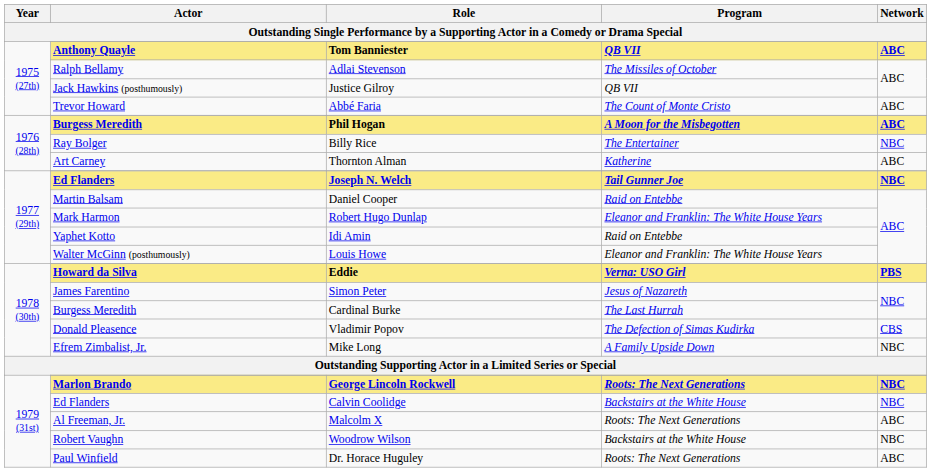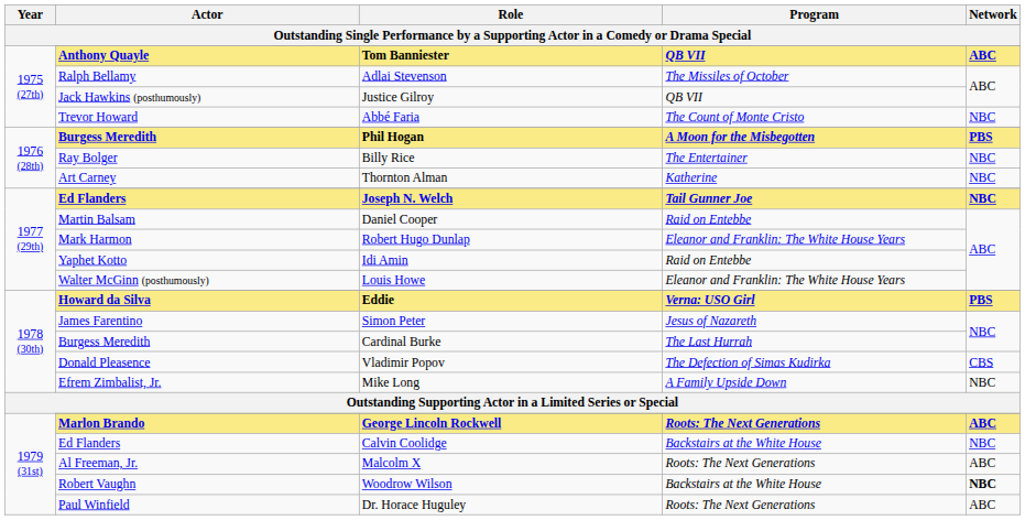 <table class="wikitable" style="width:100%">
 <tr bgcolor="#bebebe">
 <th width="5%">Year</th>
 <th width="30%">Actor</th>
 <th width="30%">Role</th>
 <th width="30%">Program</th>
 <th width="5%">Network</th>
 </tr>
 <tr>
 <th colspan=5>Outstanding Single Performance by a Supporting Actor in a Comedy or Drama Special</th>
 </tr>
 <tr>
 <td rowspan=5 style="text-align:center"><a href='#'>1975</a><br><small><a href='#'>(27th)</a></small></td>
 </tr>
 <tr style="background:#FAEB86;">
 <td><strong><a href='#'>Anthony Quayle</a></strong></td>
 <td><strong>Tom Banniester</strong></td>
 <td><strong><em><a href='#'>QB VII</a></em></strong></td>
 <td><strong><a href='#'>ABC</a></strong></td>
 </tr>
 <tr>
 <td><a href='#'>Ralph Bellamy</a></td>
 <td><a href='#'>Adlai Stevenson</a></td>
 <td><em><a href='#'>The Missiles of October</a></em></td>
 <td rowspan=2>ABC</td>
 </tr>
 <tr>
 <td><a href='#'>Jack Hawkins</a> <small>(posthumously)</small></td>
 <td>Justice Gilroy</td>
 <td><em>QB VII</em></td>
 </tr>
 <tr>
 <td><a href='#'>Trevor Howard</a></td>
 <td><a href='#'>Abbé Faria</a></td>
 <td><em><a href='#'>The Count of Monte Cristo</a></em></td>
-<td>ABC</td>
+<td><a href='#'>NBC</a></td>
 </tr>
 <tr>
 <td rowspan=4 style="text-align:center"><a href='#'>1976</a><br><small><a href='#'>(28th)</a></small></td>
 </tr>
 <tr style="background:#FAEB86;">
 <td><strong><a href='#'>Burgess Meredith</a></strong></td>
 <td><strong>Phil Hogan</strong></td>
 <td><strong><em><a href='#'>A Moon for the Misbegotten</a></em></strong></td>
-<td><strong><a href='#'>ABC</a></strong></td>
+<td><strong><a href='#'>PBS</a></strong></td>
 </tr>
 <tr>
 <td><a href='#'>Ray Bolger</a></td>
 <td>Billy Rice</td>
 <td><em><a href='#'>The Entertainer</a></em></td>
 <td><a href='#'>NBC</a></td>
 </tr>
 <tr>
 <td><a href='#'>Art Carney</a></td>
 <td>Thornton Alman</td>
 <td><em><a href='#'>Katherine</a></em></td>
-<td>ABC</td>
+<td><a href='#'>NBC</a></td>
 </tr>
 <tr>
 <td rowspan=6 style="text-align:center"><a href='#'>1977</a><br><small><a href='#'>(29th)</a></small></td>
 </tr>
 <tr style="background:#FAEB86;">
 <td><strong><a href='#'>Ed Flanders</a></strong></td>
 <td><strong><a href='#'>Joseph N. Welch</a></strong></td>
 <td><strong><em><a href='#'>Tail Gunner Joe</a></em></strong></td>
 <td><strong><a href='#'>NBC</a></strong></td>
 </tr>
 <tr>
 <td><a href='#'>Martin Balsam</a></td>
 <td>Daniel Cooper</td>
 <td><em><a href='#'>Raid on Entebbe</a></em></td>
 <td rowspan=4><a href='#'>ABC</a></td>
 </tr>
 <tr>
 <td><a href='#'>Mark Harmon</a></td>
 <td><a href='#'>Robert Hugo Dunlap</a></td>
 <td><em><a href='#'>Eleanor and Franklin: The White House Years</a></em></td>
 </tr>
 <tr>
 <td><a href='#'>Yaphet Kotto</a></td>
 <td><a href='#'>Idi Amin</a></td>
 <td><em>Raid on Entebbe</em></td>
 </tr>
 <tr>
 <td><a href='#'>Walter McGinn</a> <small>(posthumously)</small></td>
 <td><a href='#'>Louis Howe</a></td>
 <td><em>Eleanor and Franklin: The White House Years</em></td>
 </tr>
 <tr>
 <td rowspan=6 style="text-align:center"><a href='#'>1978</a><br><small><a href='#'>(30th)</a></small></td>
 </tr>
 <tr style="background:#FAEB86;">
 <td><strong><a href='#'>Howard da Silva</a></strong></td>
 <td><strong>Eddie</strong></td>
 <td><strong><em><a href='#'>Verna: USO Girl</a></em></strong></td>
 <td><strong><a href='#'>PBS</a></strong></td>
 </tr>
 <tr>
 <td><a href='#'>James Farentino</a></td>
 <td><a href='#'>Simon Peter</a></td>
 <td><em><a href='#'>Jesus of Nazareth</a></em></td>
 <td rowspan=2><a href='#'>NBC</a></td>
 </tr>
 <tr>
 <td><a href='#'>Burgess Meredith</a></td>
 <td>Cardinal Burke</td>
 <td><em><a href='#'>The Last Hurrah</a></em></td>
 </tr>
 <tr>
 <td><a href='#'>Donald Pleasence</a></td>
 <td>Vladimir Popov</td>
 <td><em><a href='#'>The Defection of Simas Kudirka</a></em></td>
 <td><a href='#'>CBS</a></td>
 </tr>
 <tr>
 <td><a href='#'>Efrem Zimbalist, Jr.</a></td>
 <td>Mike Long</td>
 <td><em><a href='#'>A Family Upside Down</a></em></td>
 <td>NBC</td>
 </tr>
 <tr>
 <th colspan=5>Outstanding Supporting Actor in a Limited Series or Special</th>
 </tr>
 <tr>
 <td rowspan=6 style="text-align:center"><a href='#'>1979</a><br><small><a href='#'>(31st)</a></small></td>
 </tr>
 <tr style="background:#FAEB86;">
 <td><strong><a href='#'>Marlon Brando</a></strong></td>
 <td><strong><a href='#'>George Lincoln Rockwell</a></strong></td>
 <td><strong><em><a href='#'>Roots: The Next Generations</a></em></strong></td>
-<td><strong><a href='#'>NBC</a></strong></td>
+<td><strong><a href='#'>ABC</a></strong></td>
 </tr>
 <tr>
 <td><a href='#'>Ed Flanders</a></td>
 <td><a href='#'>Calvin Coolidge</a></td>
 <td><em><a href='#'>Backstairs at the White House</a></em></td>
 <td><a href='#'>NBC</a></td>
 </tr>
 <tr>
 <td><a href='#'>Al Freeman, Jr.</a></td>
 <td><a href='#'>Malcolm X</a></td>
 <td><em>Roots: The Next Generations</em></td>
 <td>ABC</td>
 </tr>
 <tr>
 <td><a href='#'>Robert Vaughn</a></td>
 <td><a href='#'>Woodrow Wilson</a></td>
 <td><em>Backstairs at the White House</em></td>
-<td>NBC</td>
+<td><strong>NBC</strong></td>
 </tr>
 <tr>
 <td><a href='#'>Paul Winfield</a></td>
 <td>Dr. Horace Huguley</td>
 <td><em>Roots: The Next Generations</em></td>
 <td>ABC</td>
 </tr>
 </table>
